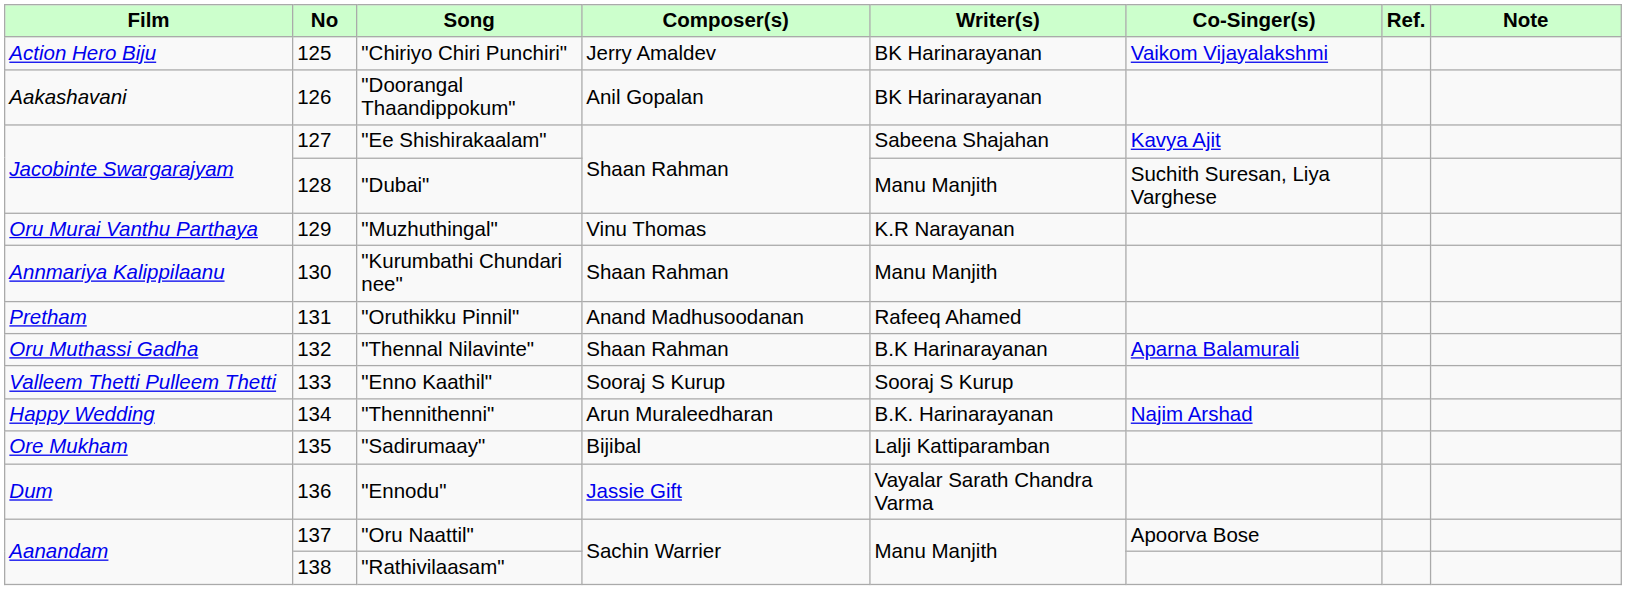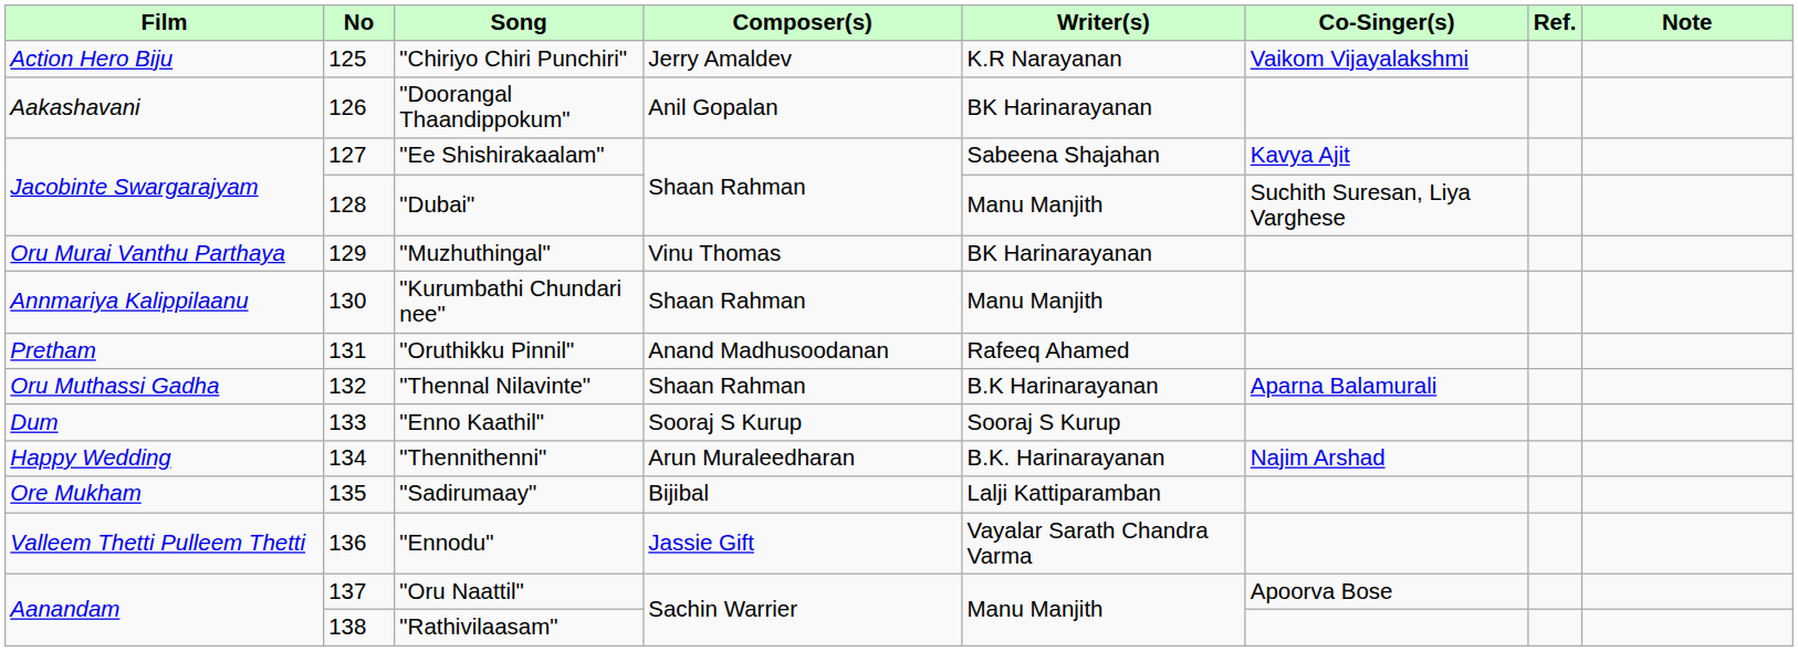 <table class="wikitable plainrowheaders" style="width:100%;" textcolor:#000;" style="align:center;">
 <tr style="background:#cfc; text-align:center;">
 <td scope="col" style="width:18%;"><strong>Film</strong></td>
 <td scope="col" style="width:4%;"><strong>No</strong></td>
 <td scope="col" style="width:14%;"><strong>Song</strong></td>
 <td scope="col" style="width:18%;"><strong>Composer(s)</strong></td>
 <td scope="col" style="width:16%;"><strong>Writer(s)</strong></td>
 <td scope="col" style="width:16%;"><strong>Co-Singer(s)</strong></td>
 <td scope="col" style="width:2%;"><strong>Ref.</strong></td>
 <td scope="col" style="width:12%;"><strong>Note</strong></td>
 </tr>
 <tr>
 <td><em><a href='#'>Action Hero Biju</a></em></td>
 <td>125</td>
 <td>"Chiriyo Chiri Punchiri"</td>
 <td>Jerry Amaldev</td>
-<td>BK Harinarayanan</td>
+<td>K.R Narayanan</td>
 <td><a href='#'>Vaikom Vijayalakshmi</a></td>
 <td></td>
 <td></td>
 </tr>
 <tr>
 <td><em>Aakashavani</em></td>
 <td>126</td>
 <td>"Doorangal Thaandippokum"</td>
 <td>Anil Gopalan</td>
 <td>BK Harinarayanan</td>
 <td></td>
 <td></td>
 </tr>
 <tr>
 <td rowspan="2"><em><a href='#'>Jacobinte Swargarajyam</a></em></td>
 <td>127</td>
 <td>"Ee Shishirakaalam"</td>
 <td rowspan="2">Shaan Rahman</td>
 <td>Sabeena Shajahan</td>
 <td><a href='#'>Kavya Ajit</a></td>
 <td></td>
 <td></td>
 </tr>
 <tr>
 <td>128</td>
 <td>"Dubai"</td>
 <td>Manu Manjith</td>
 <td>Suchith Suresan, Liya Varghese</td>
 <td></td>
 <td></td>
 </tr>
 <tr>
 <td><a href='#'><em>Oru Murai Vanthu Parthaya</em></a></td>
 <td>129</td>
 <td>"Muzhuthingal"</td>
 <td>Vinu Thomas</td>
-<td>K.R Narayanan</td>
+<td>BK Harinarayanan</td>
 <td></td>
 <td></td>
 <td></td>
 </tr>
 <tr>
 <td><em><a href='#'>Annmariya Kalippilaanu</a></em></td>
 <td>130</td>
 <td>"Kurumbathi Chundari nee"</td>
 <td>Shaan Rahman</td>
 <td>Manu Manjith</td>
 <td></td>
 <td></td>
 <td></td>
 </tr>
 <tr>
 <td><em><a href='#'>Pretham</a></em></td>
 <td>131</td>
 <td>"Oruthikku Pinnil"</td>
 <td>Anand Madhusoodanan</td>
 <td>Rafeeq Ahamed</td>
 <td></td>
 <td></td>
 <td></td>
 </tr>
 <tr>
 <td><em><a href='#'>Oru Muthassi Gadha</a></em></td>
 <td>132</td>
 <td>"Thennal Nilavinte"</td>
 <td>Shaan Rahman</td>
 <td>B.K Harinarayanan</td>
 <td><a href='#'>Aparna Balamurali</a></td>
 <td></td>
 <td></td>
 </tr>
 <tr>
-<td><em><a href='#'>Valleem Thetti Pulleem Thetti</a></em></td>
+<td><em><a href='#'>Dum</a></em></td>
 <td>133</td>
 <td>"Enno Kaathil"</td>
 <td>Sooraj S Kurup</td>
 <td>Sooraj S Kurup</td>
 <td></td>
 <td></td>
 <td></td>
 </tr>
 <tr>
 <td><em><a href='#'>Happy Wedding</a></em></td>
 <td>134</td>
 <td>"Thennithenni"</td>
 <td>Arun Muraleedharan</td>
 <td>B.K. Harinarayanan</td>
 <td><a href='#'>Najim Arshad</a></td>
 <td></td>
 <td></td>
 </tr>
 <tr>
 <td><em><a href='#'>Ore Mukham</a></em></td>
 <td>135</td>
 <td>"Sadirumaay"</td>
 <td>Bijibal</td>
 <td>Lalji Kattiparamban</td>
 <td></td>
 <td></td>
 <td></td>
 </tr>
 <tr>
-<td><em><a href='#'>Dum</a></em></td>
+<td><em><a href='#'>Valleem Thetti Pulleem Thetti</a></em></td>
 <td>136</td>
 <td>"Ennodu"</td>
 <td><a href='#'>Jassie Gift</a></td>
 <td>Vayalar Sarath Chandra Varma</td>
 <td></td>
 <td></td>
 <td></td>
 </tr>
 <tr>
 <td rowspan=2><em><a href='#'>Aanandam</a></em></td>
 <td>137</td>
 <td>"Oru Naattil"</td>
 <td rowspan=2>Sachin Warrier</td>
 <td rowspan=2>Manu Manjith</td>
 <td>Apoorva Bose</td>
 <td></td>
 <td></td>
 </tr>
 <tr>
 <td>138</td>
 <td>"Rathivilaasam"</td>
 <td></td>
 <td></td>
 <td></td>
 </tr>
 </table>
